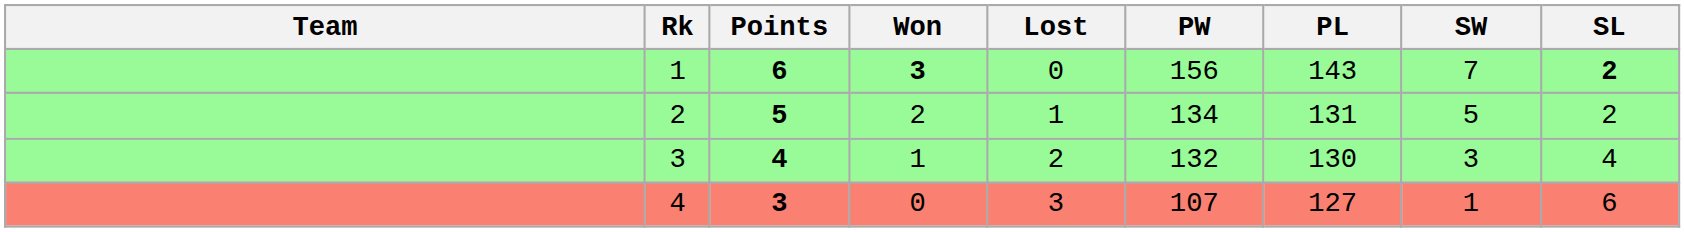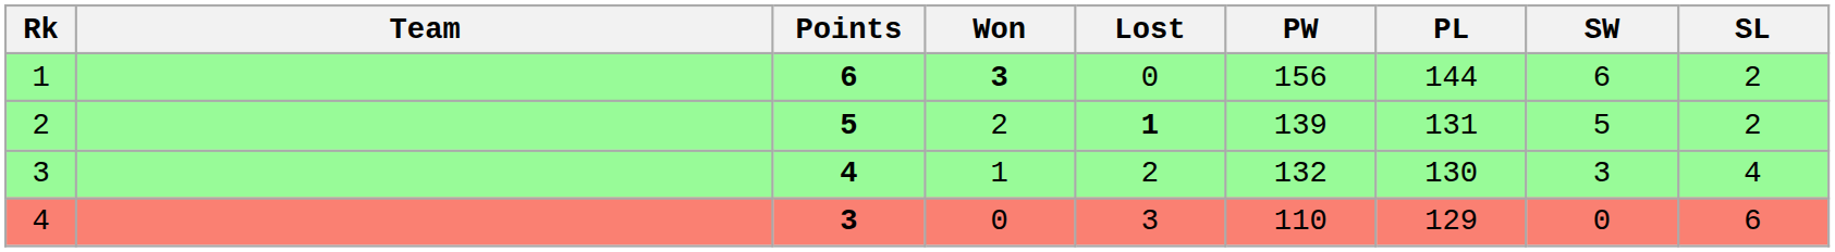 <table class=wikitable style=text-align:center>
 <tr>
+<th width=25>Rk</th>
 <th width=300>Team</th>
-<th width=25>Rk</th>
 <th width=60>Points</th>
 <th width=60>Won</th>
 <th width=60>Lost</th>
 <th width=60>PW</th>
 <th width=60>PL</th>
 <th width=60>SW</th>
 <th width=60>SL</th>
 </tr>
 <tr style="background: #98fb98">
+<td>1</td>
 <td align=left></td>
-<td>1</td>
 <td><strong>6</strong></td>
 <td><strong>3</strong></td>
 <td>0</td>
 <td>156</td>
-<td>143</td>
-<td>7</td>
-<td><strong>2</strong></td>
+<td>144</td>
+<td>6</td>
+<td>2</td>
 </tr>
 <tr style="background: #98fb98">
+<td>2</td>
 <td align=left></td>
-<td>2</td>
 <td><strong>5</strong></td>
 <td>2</td>
-<td>1</td>
-<td>134</td>
+<td><strong>1</strong></td>
+<td>139</td>
 <td>131</td>
 <td>5</td>
 <td>2</td>
 </tr>
 <tr style="background: #98fb98">
+<td>3</td>
 <td align=left></td>
-<td>3</td>
 <td><strong>4</strong></td>
 <td>1</td>
 <td>2</td>
 <td>132</td>
 <td>130</td>
 <td>3</td>
 <td>4</td>
 </tr>
 <tr style="background: salmon">
+<td>4</td>
 <td align=left></td>
-<td>4</td>
 <td><strong>3</strong></td>
 <td>0</td>
 <td>3</td>
-<td>107</td>
-<td>127</td>
-<td>1</td>
+<td>110</td>
+<td>129</td>
+<td>0</td>
 <td>6</td>
 </tr>
 </table>
